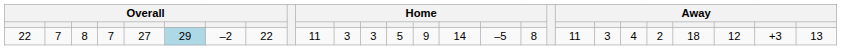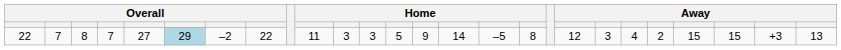 <table class="wikitable" style="text-align: center; width:60%">
 <tr>
 <th colspan="8">Overall</th>
 <th rowspan="3" width="1%"></th>
 <th colspan="8">Home</th>
 <th rowspan="3" width="1%"></th>
 <th colspan="8">Away</th>
 </tr>
 <tr>
 <th></th>
 <th></th>
 <th></th>
 <th></th>
 <th></th>
 <th></th>
 <th></th>
 <th></th>
 <th></th>
 <th></th>
 <th></th>
 <th></th>
 <th></th>
 <th></th>
 <th></th>
 <th></th>
 <th></th>
 <th></th>
 <th></th>
 <th></th>
 <th></th>
 <th></th>
 <th></th>
 <th></th>
 </tr>
 <tr>
 <td>22</td>
 <td>7</td>
 <td>8</td>
 <td>7</td>
 <td>27</td>
 <td style="background: lightblue;">29</td>
 <td>–2</td>
 <td>22</td>
 <td>11</td>
 <td>3</td>
 <td>3</td>
 <td>5</td>
 <td>9</td>
 <td>14</td>
 <td>–5</td>
 <td>8</td>
-<td>11</td>
+<td>12</td>
 <td>3</td>
 <td>4</td>
 <td>2</td>
-<td>18</td>
-<td>12</td>
+<td>15</td>
+<td>15</td>
 <td>+3</td>
 <td>13</td>
 </tr>
 </table>
